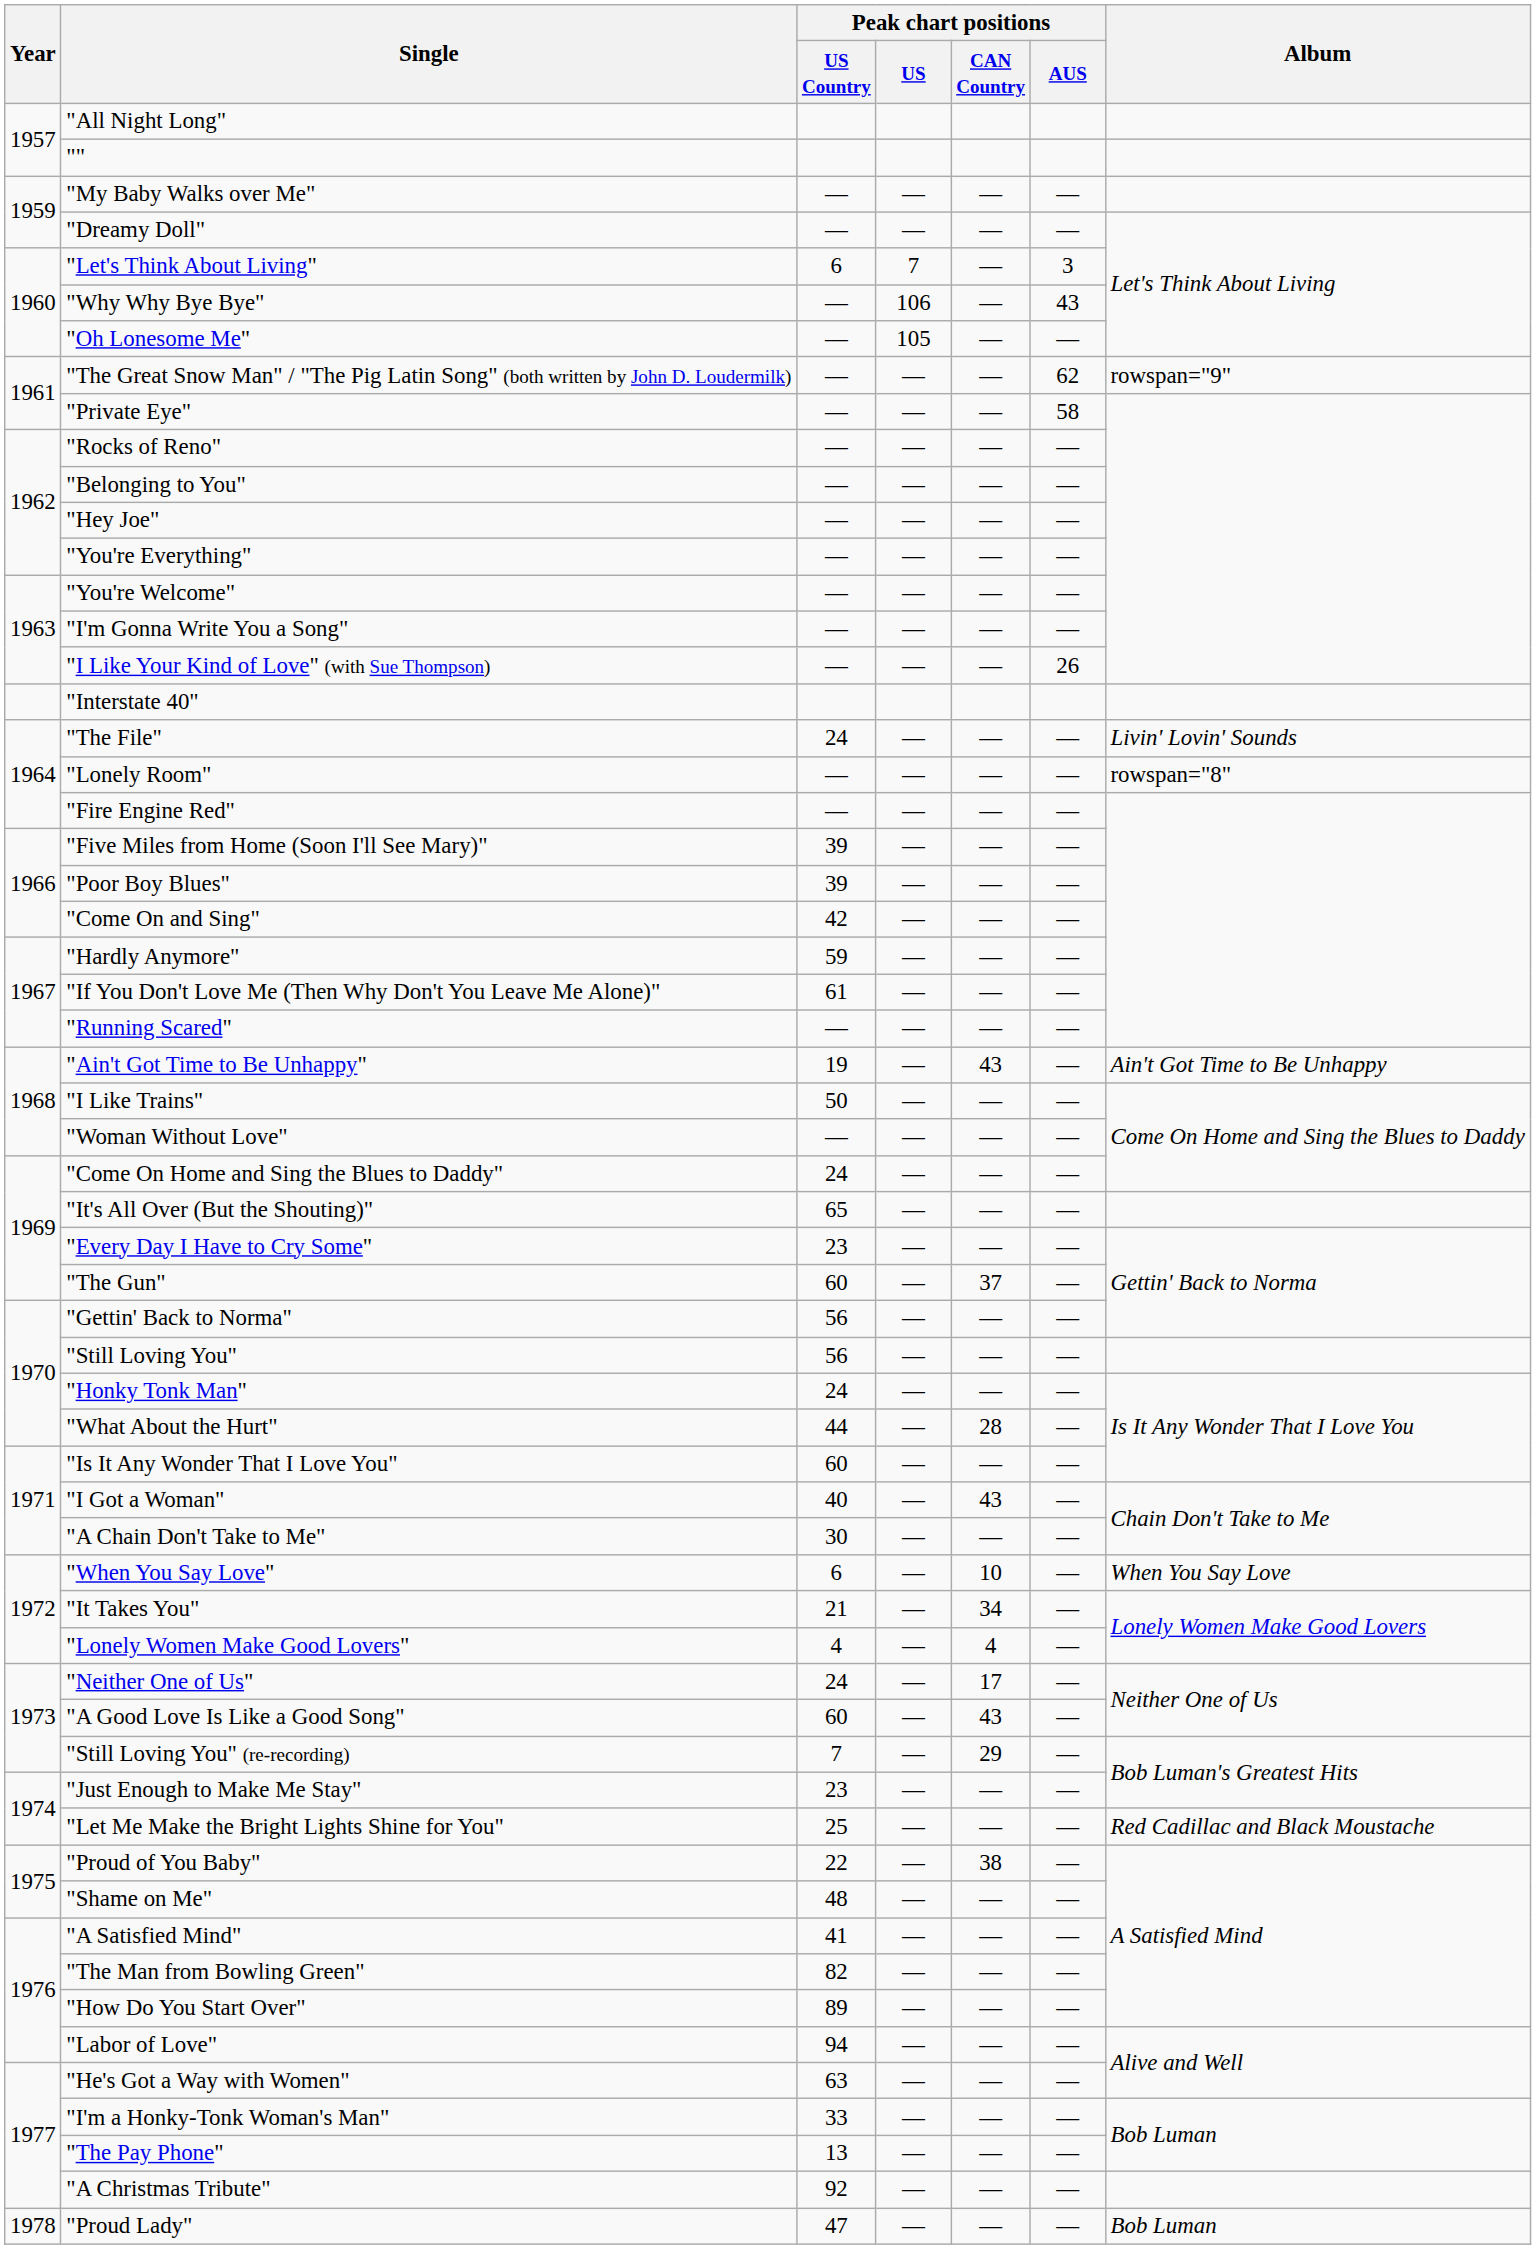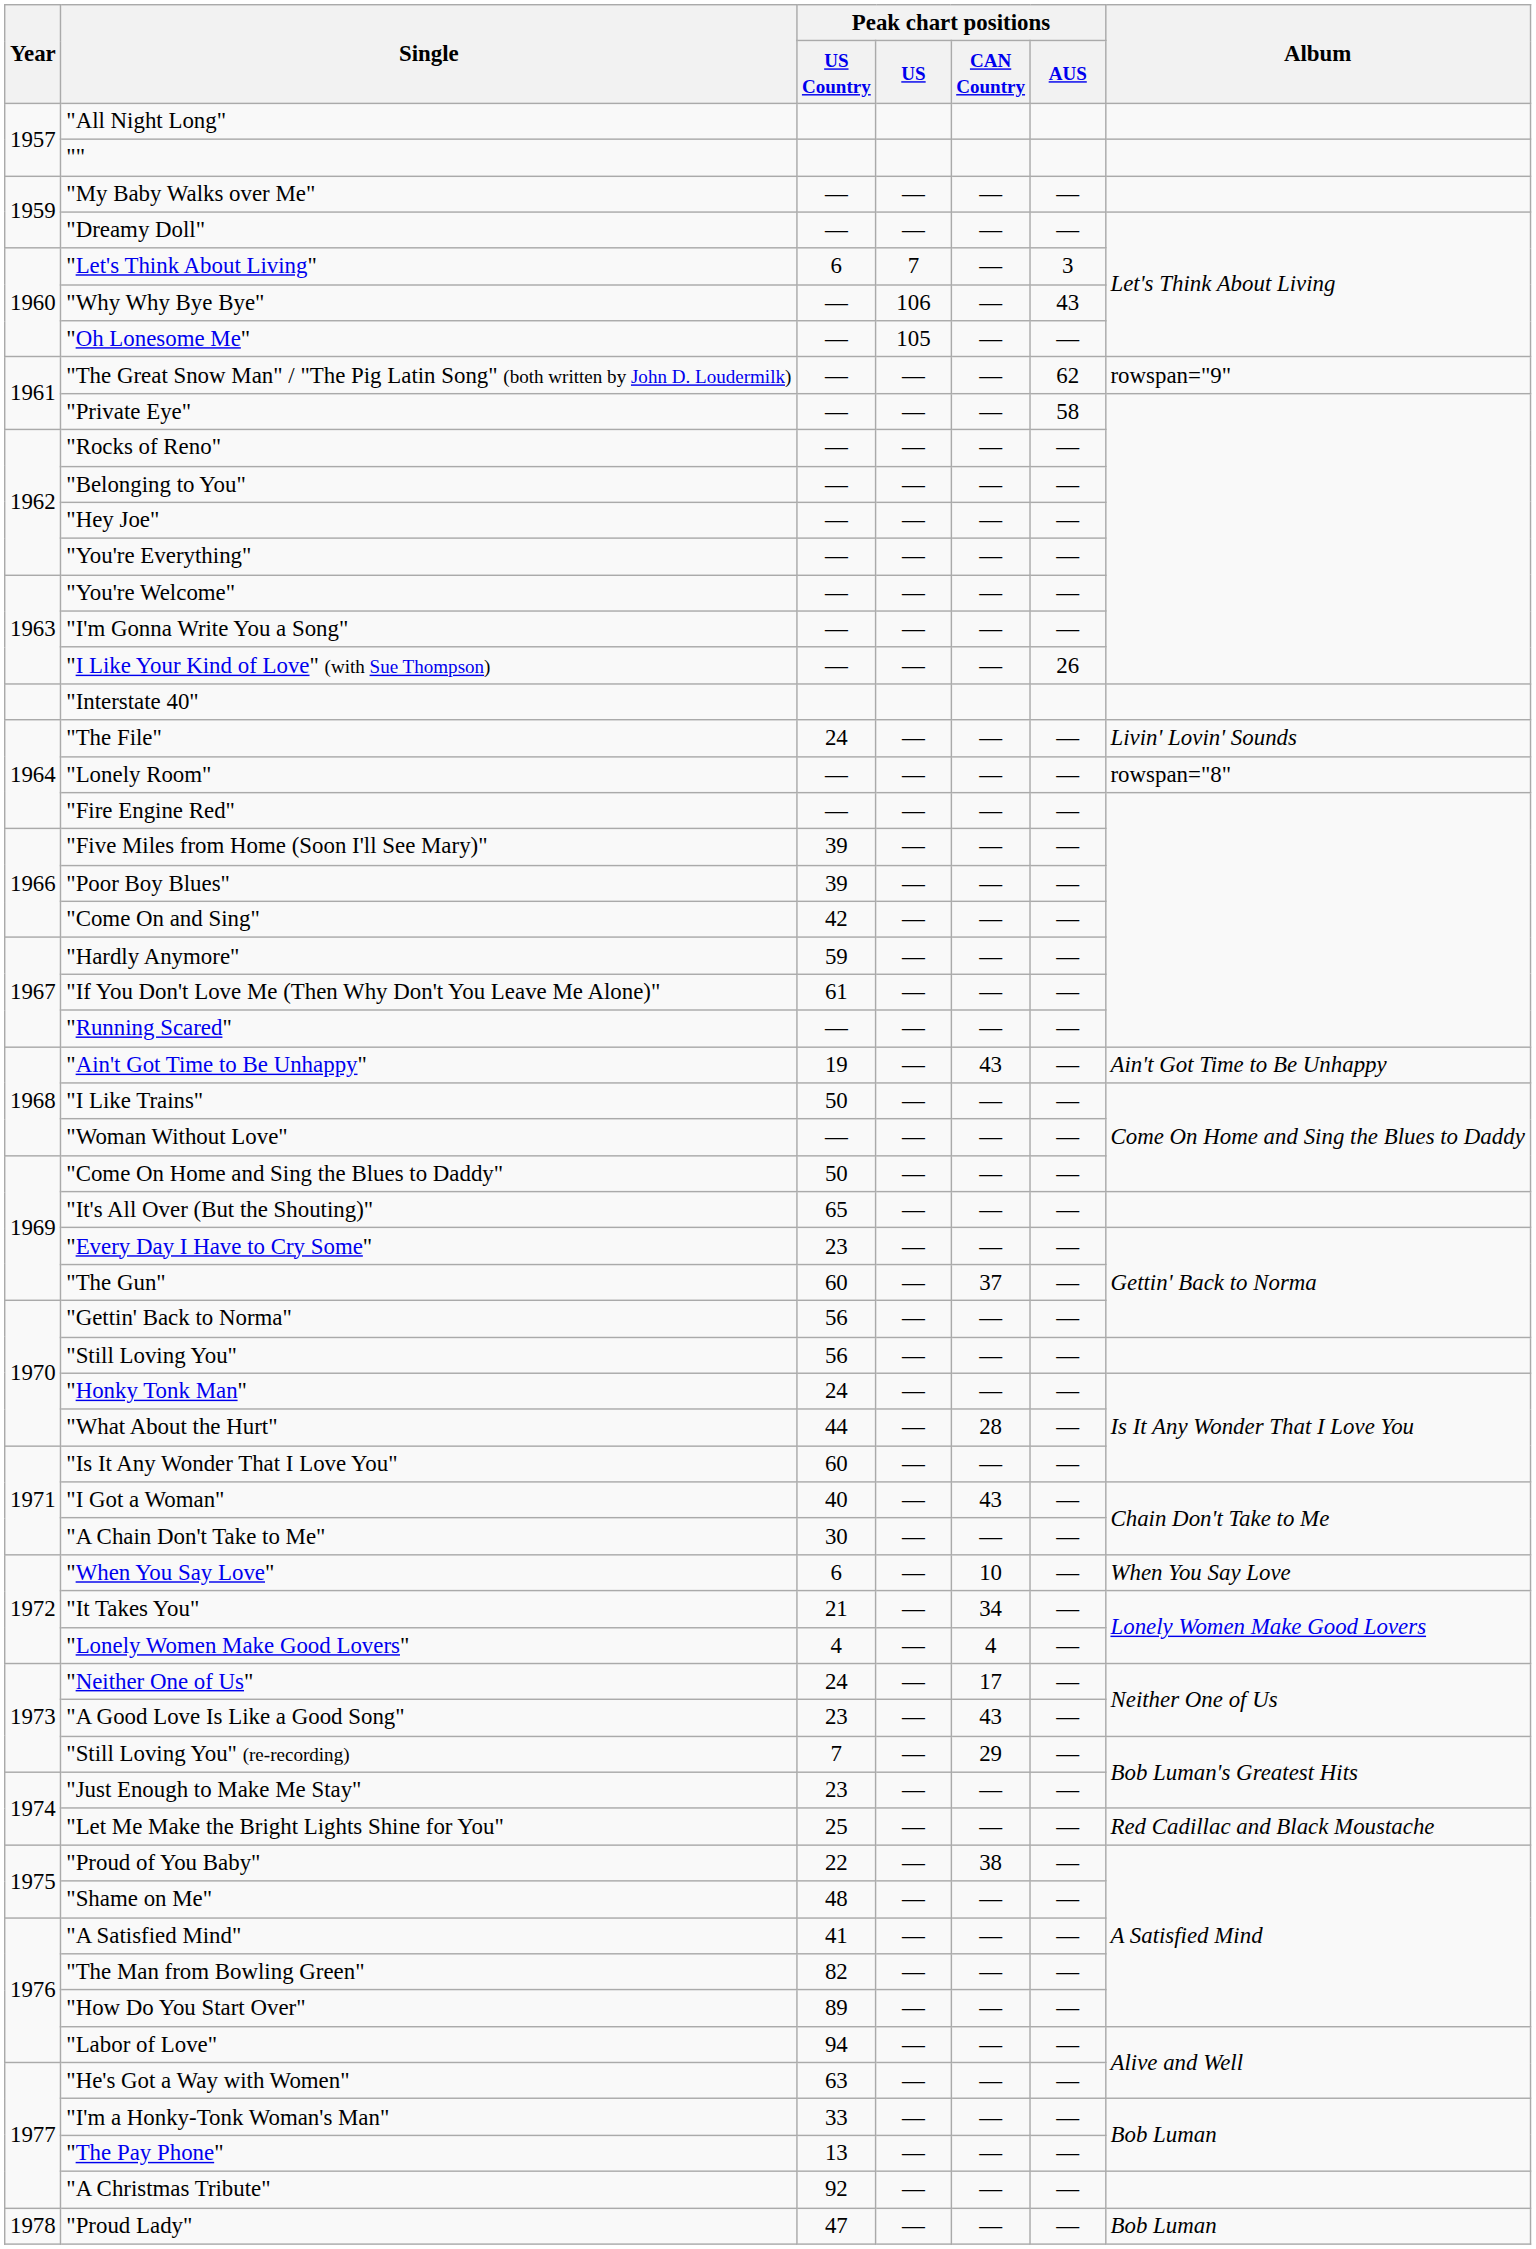 <table class="wikitable">
 <tr>
 <th rowspan="2">Year</th>
 <th rowspan="2">Single</th>
 <th colspan="4">Peak chart positions</th>
 <th rowspan="2">Album</th>
 </tr>
 <tr>
 <th width="45"><small><a href='#'>US Country</a></small></th>
 <th width="45"><small><a href='#'>US</a></small></th>
 <th width="45"><small><a href='#'>CAN Country</a></small></th>
 <th width="45"><small><a href='#'>AUS</a></small></th>
 </tr>
 <tr>
 <td rowspan="2">1957</td>
 <td>"All Night Long"</td>
 <td></td>
 <td></td>
 <td></td>
 <td></td>
 <td></td>
 </tr>
 <tr>
 <td>""</td>
 <td></td>
 <td></td>
 <td></td>
 <td></td>
 <td></td>
 </tr>
 <tr>
 <td rowspan="2">1959</td>
 <td>"My Baby Walks over Me"</td>
 <td align="center">—</td>
 <td align="center">—</td>
 <td align="center">—</td>
 <td align="center">—</td>
 <td></td>
 </tr>
 <tr>
 <td>"Dreamy Doll"</td>
 <td align="center">—</td>
 <td align="center">—</td>
 <td align="center">—</td>
 <td align="center">—</td>
 <td rowspan="4"><em>Let's Think About Living</em></td>
 </tr>
 <tr>
 <td rowspan="3">1960</td>
 <td>"<a href='#'>Let's Think About Living</a>"</td>
 <td align="center">6</td>
 <td align="center">7</td>
 <td align="center">—</td>
 <td align="center">3</td>
 </tr>
 <tr>
 <td>"Why Why Bye Bye"</td>
 <td align="center">—</td>
 <td align="center">106</td>
 <td align="center">—</td>
 <td align="center">43</td>
 </tr>
 <tr>
 <td>"<a href='#'>Oh Lonesome Me</a>"</td>
 <td align="center">—</td>
 <td align="center">105</td>
 <td align="center">—</td>
 <td align="center">—</td>
 </tr>
 <tr>
 <td rowspan="2">1961</td>
 <td>"The Great Snow Man" / "The Pig Latin Song" <small>(both written by <a href='#'>John D. Loudermilk</a>)</small></td>
 <td align="center">—</td>
 <td align="center">—</td>
 <td align="center">—</td>
 <td align="center">62</td>
 <td>rowspan="9" </td>
 </tr>
 <tr>
 <td>"Private Eye"</td>
 <td align="center">—</td>
 <td align="center">—</td>
 <td align="center">—</td>
 <td align="center">58</td>
 </tr>
 <tr>
 <td rowspan="4">1962</td>
 <td>"Rocks of Reno"</td>
 <td align="center">—</td>
 <td align="center">—</td>
 <td align="center">—</td>
 <td align="center">—</td>
 </tr>
 <tr>
 <td>"Belonging to You"</td>
 <td align="center">—</td>
 <td align="center">—</td>
 <td align="center">—</td>
 <td align="center">—</td>
 </tr>
 <tr>
 <td>"Hey Joe"</td>
 <td align="center">—</td>
 <td align="center">—</td>
 <td align="center">—</td>
 <td align="center">—</td>
 </tr>
 <tr>
 <td>"You're Everything"</td>
 <td align="center">—</td>
 <td align="center">—</td>
 <td align="center">—</td>
 <td align="center">—</td>
 </tr>
 <tr>
 <td rowspan="3">1963</td>
 <td>"You're Welcome"</td>
 <td align="center">—</td>
 <td align="center">—</td>
 <td align="center">—</td>
 <td align="center">—</td>
 </tr>
 <tr>
 <td>"I'm Gonna Write You a Song"</td>
 <td align="center">—</td>
 <td align="center">—</td>
 <td align="center">—</td>
 <td align="center">—</td>
 </tr>
 <tr>
 <td>"<a href='#'>I Like Your Kind of Love</a>" <small>(with <a href='#'>Sue Thompson</a>)</small></td>
 <td align="center">—</td>
 <td align="center">—</td>
 <td align="center">—</td>
 <td align="center">26</td>
 </tr>
 <tr>
 <td></td>
 <td>"Interstate 40"</td>
 <td></td>
 <td></td>
 <td></td>
 <td></td>
 <td></td>
 </tr>
 <tr>
 <td rowspan="3">1964</td>
 <td>"The File"</td>
 <td align="center">24</td>
 <td align="center">—</td>
 <td align="center">—</td>
 <td align="center">—</td>
 <td><em>Livin' Lovin' Sounds</em></td>
 </tr>
 <tr>
 <td>"Lonely Room"</td>
 <td align="center">—</td>
 <td align="center">—</td>
 <td align="center">—</td>
 <td align="center">—</td>
 <td>rowspan="8" </td>
 </tr>
 <tr>
 <td>"Fire Engine Red"</td>
 <td align="center">—</td>
 <td align="center">—</td>
 <td align="center">—</td>
 <td align="center">—</td>
 </tr>
 <tr>
 <td rowspan="3">1966</td>
 <td>"Five Miles from Home (Soon I'll See Mary)"</td>
 <td align="center">39</td>
 <td align="center">—</td>
 <td align="center">—</td>
 <td align="center">—</td>
 </tr>
 <tr>
 <td>"Poor Boy Blues"</td>
 <td align="center">39</td>
 <td align="center">—</td>
 <td align="center">—</td>
 <td align="center">—</td>
 </tr>
 <tr>
 <td>"Come On and Sing"</td>
 <td align="center">42</td>
 <td align="center">—</td>
 <td align="center">—</td>
 <td align="center">—</td>
 </tr>
 <tr>
 <td rowspan="3">1967</td>
 <td>"Hardly Anymore"</td>
 <td align="center">59</td>
 <td align="center">—</td>
 <td align="center">—</td>
 <td align="center">—</td>
 </tr>
 <tr>
 <td>"If You Don't Love Me (Then Why Don't You Leave Me Alone)"</td>
 <td align="center">61</td>
 <td align="center">—</td>
 <td align="center">—</td>
 <td align="center">—</td>
 </tr>
 <tr>
 <td>"<a href='#'>Running Scared</a>"</td>
 <td align="center">—</td>
 <td align="center">—</td>
 <td align="center">—</td>
 <td align="center">—</td>
 </tr>
 <tr>
 <td rowspan="3">1968</td>
 <td>"<a href='#'>Ain't Got Time to Be Unhappy</a>"</td>
 <td align="center">19</td>
 <td align="center">—</td>
 <td align="center">43</td>
 <td align="center">—</td>
 <td><em>Ain't Got Time to Be Unhappy</em></td>
 </tr>
 <tr>
 <td>"I Like Trains"</td>
 <td align="center">50</td>
 <td align="center">—</td>
 <td align="center">—</td>
 <td align="center">—</td>
 <td rowspan="3"><em>Come On Home and Sing the Blues to Daddy</em></td>
 </tr>
 <tr>
 <td>"Woman Without Love"</td>
 <td align="center">—</td>
 <td align="center">—</td>
 <td align="center">—</td>
 <td align="center">—</td>
 </tr>
 <tr>
 <td rowspan="4">1969</td>
 <td>"Come On Home and Sing the Blues to Daddy"</td>
-<td align="center">24</td>
+<td align="center">50</td>
 <td align="center">—</td>
 <td align="center">—</td>
 <td align="center">—</td>
 </tr>
 <tr>
 <td>"It's All Over (But the Shouting)"</td>
 <td align="center">65</td>
 <td align="center">—</td>
 <td align="center">—</td>
 <td align="center">—</td>
 <td></td>
 </tr>
 <tr>
 <td>"<a href='#'>Every Day I Have to Cry Some</a>"</td>
 <td align="center">23</td>
 <td align="center">—</td>
 <td align="center">—</td>
 <td align="center">—</td>
 <td rowspan="3"><em>Gettin' Back to Norma</em></td>
 </tr>
 <tr>
 <td>"The Gun"</td>
 <td align="center">60</td>
 <td align="center">—</td>
 <td align="center">37</td>
 <td align="center">—</td>
 </tr>
 <tr>
 <td rowspan="4">1970</td>
 <td>"Gettin' Back to Norma"</td>
 <td align="center">56</td>
 <td align="center">—</td>
 <td align="center">—</td>
 <td align="center">—</td>
 </tr>
 <tr>
 <td>"Still Loving You"</td>
 <td align="center">56</td>
 <td align="center">—</td>
 <td align="center">—</td>
 <td align="center">—</td>
 <td></td>
 </tr>
 <tr>
 <td>"<a href='#'>Honky Tonk Man</a>"</td>
 <td align="center">24</td>
 <td align="center">—</td>
 <td align="center">—</td>
 <td align="center">—</td>
 <td rowspan="3"><em>Is It Any Wonder That I Love You</em></td>
 </tr>
 <tr>
 <td>"What About the Hurt"</td>
 <td align="center">44</td>
 <td align="center">—</td>
 <td align="center">28</td>
 <td align="center">—</td>
 </tr>
 <tr>
 <td rowspan="3">1971</td>
 <td>"Is It Any Wonder That I Love You"</td>
 <td align="center">60</td>
 <td align="center">—</td>
 <td align="center">—</td>
 <td align="center">—</td>
 </tr>
 <tr>
 <td>"I Got a Woman"</td>
 <td align="center">40</td>
 <td align="center">—</td>
 <td align="center">43</td>
 <td align="center">—</td>
 <td rowspan="2"><em>Chain Don't Take to Me</em></td>
 </tr>
 <tr>
 <td>"A Chain Don't Take to Me"</td>
 <td align="center">30</td>
 <td align="center">—</td>
 <td align="center">—</td>
 <td align="center">—</td>
 </tr>
 <tr>
 <td rowspan="3">1972</td>
 <td>"<a href='#'>When You Say Love</a>"</td>
 <td align="center">6</td>
 <td align="center">—</td>
 <td align="center">10</td>
 <td align="center">—</td>
 <td><em>When You Say Love</em></td>
 </tr>
 <tr>
 <td>"It Takes You"</td>
 <td align="center">21</td>
 <td align="center">—</td>
 <td align="center">34</td>
 <td align="center">—</td>
 <td rowspan="2"><em><a href='#'>Lonely Women Make Good Lovers</a></em></td>
 </tr>
 <tr>
 <td>"<a href='#'>Lonely Women Make Good Lovers</a>"</td>
 <td align="center">4</td>
 <td align="center">—</td>
 <td align="center">4</td>
 <td align="center">—</td>
 </tr>
 <tr>
 <td rowspan="3">1973</td>
 <td>"<a href='#'>Neither One of Us</a>"</td>
 <td align="center">24</td>
 <td align="center">—</td>
 <td align="center">17</td>
 <td align="center">—</td>
 <td rowspan="2"><em>Neither One of Us</em></td>
 </tr>
 <tr>
 <td>"A Good Love Is Like a Good Song"</td>
-<td align="center">60</td>
+<td align="center">23</td>
 <td align="center">—</td>
 <td align="center">43</td>
 <td align="center">—</td>
 </tr>
 <tr>
 <td>"Still Loving You" <small>(re-recording)</small></td>
 <td align="center">7</td>
 <td align="center">—</td>
 <td align="center">29</td>
 <td align="center">—</td>
 <td rowspan="2"><em>Bob Luman's Greatest Hits</em></td>
 </tr>
 <tr>
 <td rowspan="2">1974</td>
 <td>"Just Enough to Make Me Stay"</td>
 <td align="center">23</td>
 <td align="center">—</td>
 <td align="center">—</td>
 <td align="center">—</td>
 </tr>
 <tr>
 <td>"Let Me Make the Bright Lights Shine for You"</td>
 <td align="center">25</td>
 <td align="center">—</td>
 <td align="center">—</td>
 <td align="center">—</td>
 <td><em>Red Cadillac and Black Moustache</em></td>
 </tr>
 <tr>
 <td rowspan="2">1975</td>
 <td>"Proud of You Baby"</td>
 <td align="center">22</td>
 <td align="center">—</td>
 <td align="center">38</td>
 <td align="center">—</td>
 <td rowspan="5"><em>A Satisfied Mind</em></td>
 </tr>
 <tr>
 <td>"Shame on Me"</td>
 <td align="center">48</td>
 <td align="center">—</td>
 <td align="center">—</td>
 <td align="center">—</td>
 </tr>
 <tr>
 <td rowspan="4">1976</td>
 <td>"A Satisfied Mind"</td>
 <td align="center">41</td>
 <td align="center">—</td>
 <td align="center">—</td>
 <td align="center">—</td>
 </tr>
 <tr>
 <td>"The Man from Bowling Green"</td>
 <td align="center">82</td>
 <td align="center">—</td>
 <td align="center">—</td>
 <td align="center">—</td>
 </tr>
 <tr>
 <td>"How Do You Start Over"</td>
 <td align="center">89</td>
 <td align="center">—</td>
 <td align="center">—</td>
 <td align="center">—</td>
 </tr>
 <tr>
 <td>"Labor of Love"</td>
 <td align="center">94</td>
 <td align="center">—</td>
 <td align="center">—</td>
 <td align="center">—</td>
 <td rowspan="2"><em>Alive and Well</em></td>
 </tr>
 <tr>
 <td rowspan="4">1977</td>
 <td>"He's Got a Way with Women"</td>
 <td align="center">63</td>
 <td align="center">—</td>
 <td align="center">—</td>
 <td align="center">—</td>
 </tr>
 <tr>
 <td>"I'm a Honky-Tonk Woman's Man"</td>
 <td align="center">33</td>
 <td align="center">—</td>
 <td align="center">—</td>
 <td align="center">—</td>
 <td rowspan="2"><em>Bob Luman</em></td>
 </tr>
 <tr>
 <td>"<a href='#'>The Pay Phone</a>"</td>
 <td align="center">13</td>
 <td align="center">—</td>
 <td align="center">—</td>
 <td align="center">—</td>
 </tr>
 <tr>
 <td>"A Christmas Tribute"</td>
 <td align="center">92</td>
 <td align="center">—</td>
 <td align="center">—</td>
 <td align="center">—</td>
 <td></td>
 </tr>
 <tr>
 <td>1978</td>
 <td>"Proud Lady"</td>
 <td align="center">47</td>
 <td align="center">—</td>
 <td align="center">—</td>
 <td align="center">—</td>
 <td><em>Bob Luman</em></td>
 </tr>
 </table>
